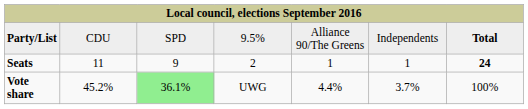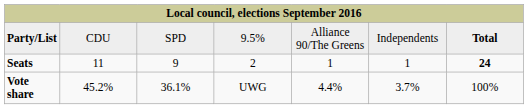 <table class="wikitable">
 <tr>
 <th style="background:#CCCC99;" colspan="9">Local council, elections September 2016</th>
 </tr>
 <tr bgcolor="#eeeeee" align="center">
 <td width=60 align=left><strong>Party/List</strong></td>
 <td width=100>CDU</td>
 <td width=100>SPD</td>
 <td>9.5%</td>
 <td width=100>Alliance 90/The Greens</td>
 <td width=100>Independents</td>
 <td width=100><strong>Total</strong></td>
 </tr>
 <tr align="center">
 <td align=left><strong>Seats</strong></td>
 <td>11</td>
 <td>9</td>
 <td>2</td>
 <td>1</td>
 <td>1</td>
 <td><strong>24</strong></td>
 </tr>
 <tr align="center">
 <td align=left><strong>Vote share</strong></td>
 <td>45.2%</td>
-<td style="background: lightgreen;">36.1%</td>
+<td>36.1%</td>
 <td width=100>UWG</td>
 <td>4.4%</td>
 <td>3.7%</td>
 <td>100%</td>
 </tr>
 </table>
